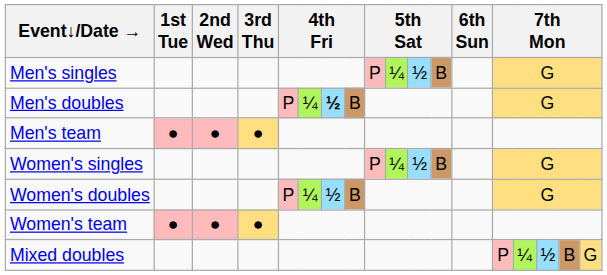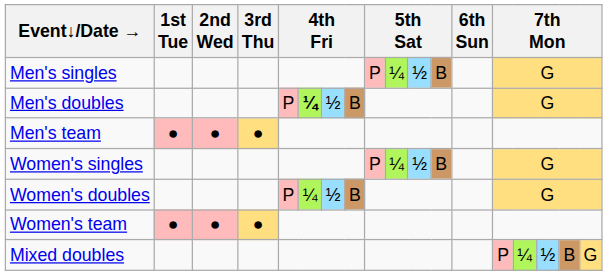 <table class="wikitable" style="margin:0.5em auto; font-size:90%; line-height:1.25em; text-align:center;">
 <tr>
 <th>Event↓/Date →</th>
 <th>1st<br>Tue</th>
 <th>2nd<br>Wed</th>
 <th>3rd<br>Thu</th>
 <th colspan=4>4th<br>Fri</th>
 <th colspan=4>5th<br>Sat</th>
 <th>6th<br>Sun</th>
 <th colspan=5>7th<br>Mon</th>
 </tr>
 <tr>
 <td align="left"><a href='#'>Men's singles</a></td>
 <td></td>
 <td></td>
 <td></td>
 <td colspan=4></td>
 <td bgcolor="#FFBBBB">P</td>
 <td bgcolor="#AFF55B">¼</td>
 <td bgcolor="#97DEFF">½</td>
 <td bgcolor="#CC9966">B</td>
 <td></td>
 <td colspan=5 bgcolor="#FFDF80">G</td>
 </tr>
 <tr>
 <td align="left"><a href='#'>Men's doubles</a></td>
 <td></td>
 <td></td>
 <td></td>
 <td bgcolor="#FFBBBB">P</td>
-<td bgcolor="#AFF55B">¼</td>
-<td bgcolor="#97DEFF"><strong>½</strong></td>
+<td bgcolor="#AFF55B"><strong>¼</strong></td>
+<td bgcolor="#97DEFF">½</td>
 <td bgcolor="#CC9966">B</td>
 <td colspan=4></td>
 <td></td>
 <td colspan=5 bgcolor="#FFDF80">G</td>
 </tr>
 <tr>
 <td align="left"><a href='#'>Men's team</a></td>
 <td bgcolor="#FFBBBB">●</td>
 <td bgcolor="#FFBBBB">●</td>
 <td bgcolor="#FFDF80">●</td>
 <td colspan=4></td>
 <td colspan=4></td>
 <td></td>
 <td colspan=5></td>
 </tr>
 <tr>
 <td align="left"><a href='#'>Women's singles</a></td>
 <td></td>
 <td></td>
 <td></td>
 <td colspan=4></td>
 <td bgcolor="#FFBBBB">P</td>
 <td bgcolor="#AFF55B">¼</td>
 <td bgcolor="#97DEFF">½</td>
 <td bgcolor="#CC9966">B</td>
 <td></td>
 <td colspan=5 bgcolor="#FFDF80">G</td>
 </tr>
 <tr>
 <td align="left"><a href='#'>Women's doubles</a></td>
 <td></td>
 <td></td>
 <td></td>
 <td bgcolor="#FFBBBB">P</td>
 <td bgcolor="#AFF55B">¼</td>
 <td bgcolor="#97DEFF">½</td>
 <td bgcolor="#CC9966">B</td>
 <td colspan=4></td>
 <td></td>
 <td colspan=5 bgcolor="#FFDF80">G</td>
 </tr>
 <tr>
 <td align="left"><a href='#'>Women's team</a></td>
 <td bgcolor="#FFBBBB">●</td>
 <td bgcolor="#FFBBBB">●</td>
 <td bgcolor="#FFDF80">●</td>
 <td colspan=4></td>
 <td colspan=4></td>
 <td></td>
 <td colspan=5></td>
 </tr>
 <tr>
 <td align="left"><a href='#'>Mixed doubles</a></td>
 <td></td>
 <td></td>
 <td></td>
 <td colspan=4></td>
 <td colspan=4></td>
 <td></td>
 <td bgcolor="#FFBBBB">P</td>
 <td bgcolor="#AFF55B">¼</td>
 <td bgcolor="#97DEFF">½</td>
 <td bgcolor="#CC9966">B</td>
 <td bgcolor="#FFDF80">G</td>
 </tr>
 </table>
